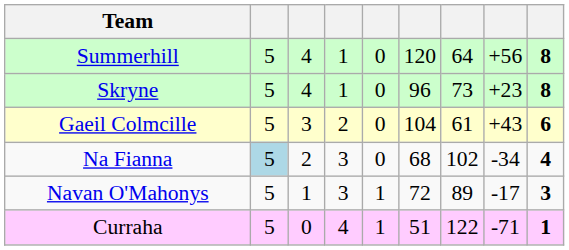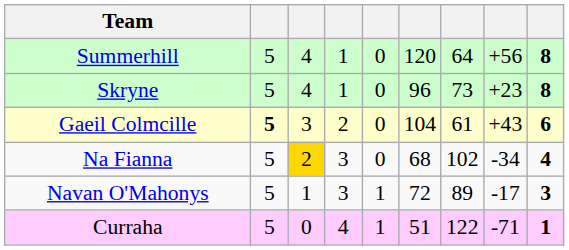 <table class="wikitable" style="text-align:center">
 <tr>
 <th style="width:175px;">Team</th>
 <th width="20"></th>
 <th width="20"></th>
 <th width="20"></th>
 <th width="20"></th>
 <th width="20"></th>
 <th width="20"></th>
 <th width="20"></th>
 <th width="20"></th>
 </tr>
 <tr style="background:#cfc;">
 <td><a href='#'>Summerhill</a></td>
 <td>5</td>
 <td>4</td>
 <td>1</td>
 <td>0</td>
 <td>120</td>
 <td>64</td>
 <td>+56</td>
 <td><strong>8</strong></td>
 </tr>
 <tr style="background:#cfc;">
 <td><a href='#'>Skryne</a></td>
 <td>5</td>
 <td>4</td>
 <td>1</td>
 <td>0</td>
 <td>96</td>
 <td>73</td>
 <td>+23</td>
 <td><strong>8</strong></td>
 </tr>
 <tr style="background:#ffffcc;">
 <td><a href='#'>Gaeil Colmcille</a></td>
-<td>5</td>
+<td><strong>5</strong></td>
 <td>3</td>
 <td>2</td>
 <td>0</td>
 <td>104</td>
 <td>61</td>
 <td>+43</td>
 <td><strong>6</strong></td>
 </tr>
 <tr>
 <td><a href='#'>Na Fianna</a></td>
-<td style="background: lightblue;">5</td>
-<td>2</td>
+<td>5</td>
+<td style="background: gold;">2</td>
 <td>3</td>
 <td>0</td>
 <td>68</td>
 <td>102</td>
 <td>-34</td>
 <td><strong>4</strong></td>
 </tr>
 <tr>
 <td><a href='#'>Navan O'Mahonys</a></td>
 <td>5</td>
 <td>1</td>
 <td>3</td>
 <td>1</td>
 <td>72</td>
 <td>89</td>
 <td>-17</td>
 <td><strong>3</strong></td>
 </tr>
 <tr style="background:#fcf;">
 <td>Curraha</td>
 <td>5</td>
 <td>0</td>
 <td>4</td>
 <td>1</td>
 <td>51</td>
 <td>122</td>
 <td>-71</td>
 <td><strong>1</strong></td>
 </tr>
 </table>
